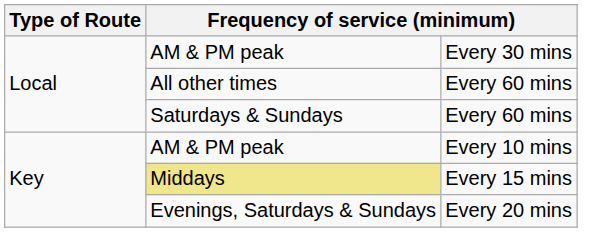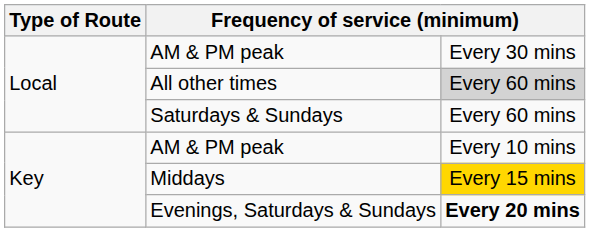 <table class="wikitable">
 <tr style="background:#ebf5ff;">
 <th align="left">Type of Route</th>
 <th colspan="2" align="left">Frequency of service (minimum)</th>
 </tr>
 <tr>
 <td rowspan="3" align="left">Local</td>
 <td style="text-align:left;">AM & PM peak</td>
 <td style="text-align:center;">Every 30 mins</td>
 </tr>
 <tr>
 <td style="text-align:left;">All other times</td>
-<td style="text-align:center;">Every 60 mins</td>
+<td style="background: lightgrey; text-align:center;">Every 60 mins</td>
 </tr>
 <tr>
 <td style="text-align:left;">Saturdays & Sundays</td>
 <td style="text-align:center;">Every 60 mins</td>
 </tr>
 <tr>
 <td rowspan="3" align="left">Key</td>
 <td style="text-align:left;">AM & PM peak</td>
 <td style="text-align:center;">Every 10 mins</td>
 </tr>
 <tr>
-<td style="background: khaki; text-align:left;">Middays</td>
-<td style="text-align:center;">Every 15 mins</td>
+<td style="text-align:left;">Middays</td>
+<td style="background: gold; text-align:center;">Every 15 mins</td>
 </tr>
 <tr>
 <td style="text-align:left;">Evenings, Saturdays & Sundays</td>
-<td style="text-align:center;">Every 20 mins</td>
+<td style="text-align:center;"><strong>Every 20 mins</strong></td>
 </tr>
 </table>
